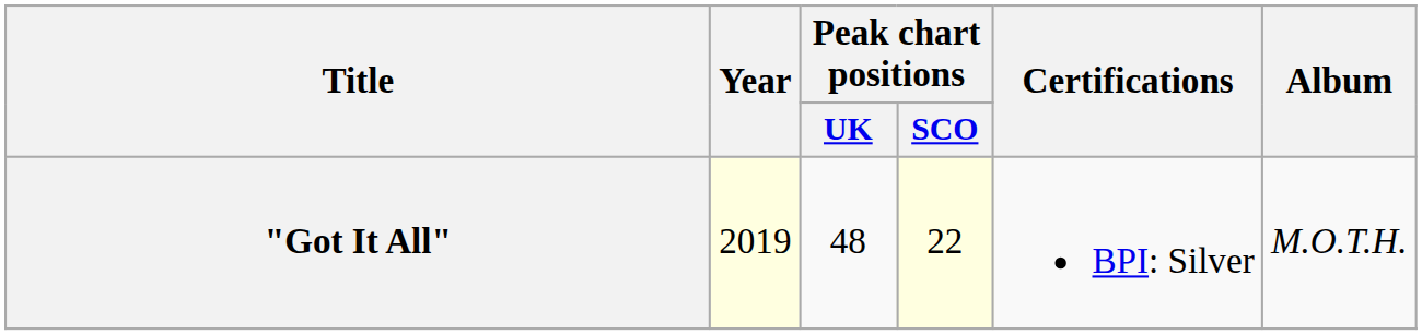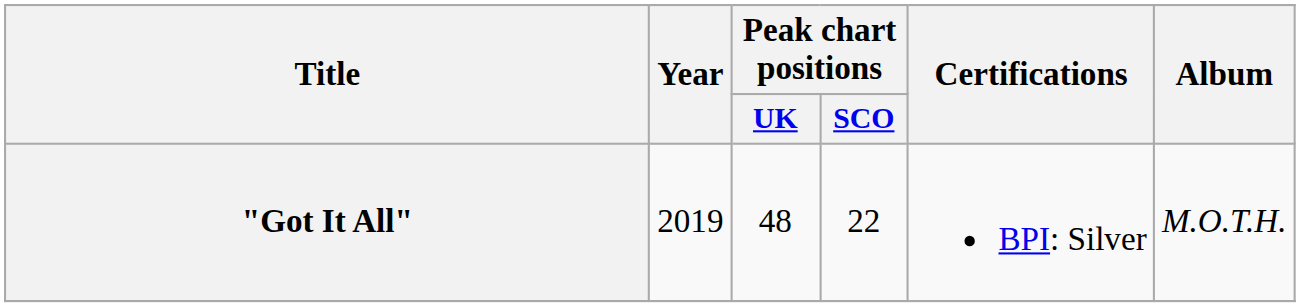 <table class="wikitable plainrowheaders" style="text-align:center;" border="1">
 <tr>
 <th scope="col" rowspan="2" style="width:19em;">Title</th>
 <th scope="col" rowspan="2" style="width:1em;">Year</th>
 <th scope="col" colspan="2">Peak chart positions</th>
 <th scope="col" rowspan="2">Certifications</th>
 <th scope="col" rowspan="2">Album</th>
 </tr>
 <tr>
 <th scope="col" style="width:2.5em;font-size:90%;"><a href='#'>UK</a><br></th>
 <th scope="col" style="width:2.5em;font-size:90%;"><a href='#'>SCO</a><br></th>
 </tr>
 <tr>
 <th scope="row">"Got It All"<br></th>
-<td style="background: lightyellow;">2019</td>
+<td>2019</td>
 <td>48</td>
-<td style="background: lightyellow;">22</td>
+<td>22</td>
 <td><br><ul><li><a href='#'>BPI</a>: Silver</li></ul></td>
 <td><em>M.O.T.H.</em></td>
 </tr>
 <tr>
 </tr>
 </table>
